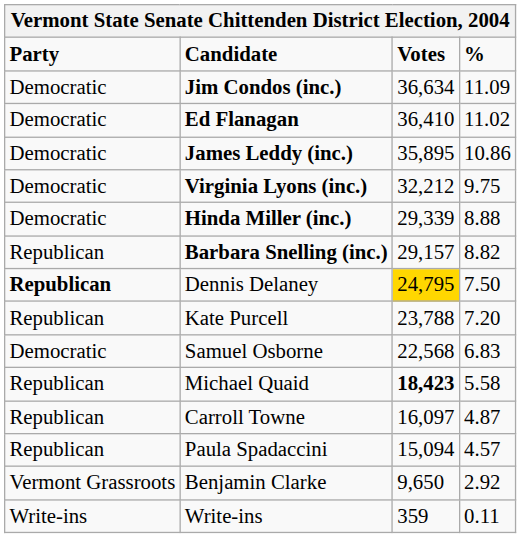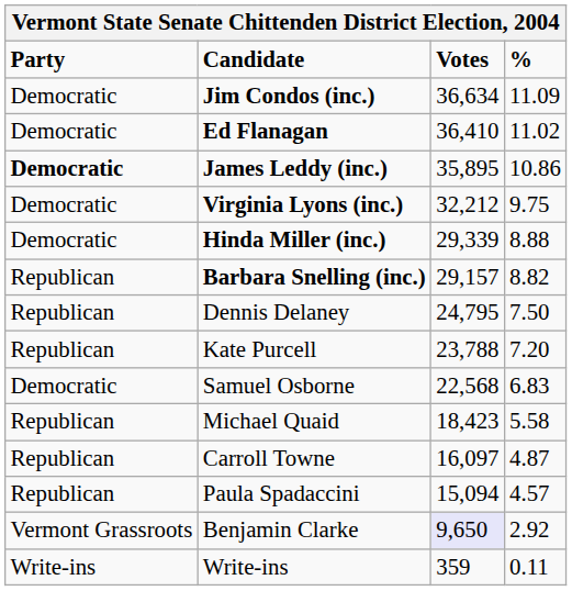 <table class="wikitable">
 <tr>
 <th colspan="4">Vermont State Senate Chittenden District Election, 2004</th>
 </tr>
 <tr>
 <td><strong>Party</strong></td>
 <td><strong>Candidate</strong></td>
 <td><strong>Votes</strong></td>
 <td><strong>%</strong></td>
 </tr>
 <tr>
 <td>Democratic</td>
 <td><strong>Jim Condos (inc.)</strong></td>
 <td>36,634</td>
 <td>11.09</td>
 </tr>
 <tr>
 <td>Democratic</td>
 <td><strong>Ed Flanagan</strong></td>
 <td>36,410</td>
 <td>11.02</td>
 </tr>
 <tr>
-<td>Democratic</td>
+<td><strong>Democratic</strong></td>
 <td><strong>James Leddy (inc.)</strong></td>
 <td>35,895</td>
 <td>10.86</td>
 </tr>
 <tr>
 <td>Democratic</td>
 <td><strong>Virginia Lyons (inc.)</strong></td>
 <td>32,212</td>
 <td>9.75</td>
 </tr>
 <tr>
 <td>Democratic</td>
 <td><strong>Hinda Miller (inc.)</strong></td>
 <td>29,339</td>
 <td>8.88</td>
 </tr>
 <tr>
 <td>Republican</td>
 <td><strong>Barbara Snelling (inc.)</strong></td>
 <td>29,157</td>
 <td>8.82</td>
 </tr>
 <tr>
-<td><strong>Republican</strong></td>
+<td>Republican</td>
 <td>Dennis Delaney</td>
-<td style="background: gold;">24,795</td>
+<td>24,795</td>
 <td>7.50</td>
 </tr>
 <tr>
 <td>Republican</td>
 <td>Kate Purcell</td>
 <td>23,788</td>
 <td>7.20</td>
 </tr>
 <tr>
 <td>Democratic</td>
 <td>Samuel Osborne</td>
 <td>22,568</td>
 <td>6.83</td>
 </tr>
 <tr>
 <td>Republican</td>
 <td>Michael Quaid</td>
-<td><strong>18,423</strong></td>
+<td>18,423</td>
 <td>5.58</td>
 </tr>
 <tr>
 <td>Republican</td>
 <td>Carroll Towne</td>
 <td>16,097</td>
 <td>4.87</td>
 </tr>
 <tr>
 <td>Republican</td>
 <td>Paula Spadaccini</td>
 <td>15,094</td>
 <td>4.57</td>
 </tr>
 <tr>
 <td>Vermont Grassroots</td>
 <td>Benjamin Clarke</td>
-<td>9,650</td>
+<td style="background: lavender;">9,650</td>
 <td>2.92</td>
 </tr>
 <tr>
 <td>Write-ins</td>
 <td>Write-ins</td>
 <td>359</td>
 <td>0.11</td>
 </tr>
 </table>
